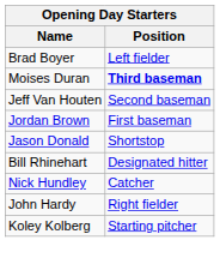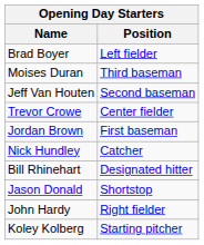 <table class="wikitable">
 <tr>
 <th colspan="2">Opening Day Starters</th>
 </tr>
 <tr>
 <th>Name</th>
 <th>Position</th>
 </tr>
 <tr>
 <td>Brad Boyer</td>
 <td><a href='#'>Left fielder</a></td>
 </tr>
 <tr>
 <td>Moises Duran</td>
-<td><strong><a href='#'>Third baseman</a></strong></td>
+<td><a href='#'>Third baseman</a></td>
 </tr>
 <tr>
 <td>Jeff Van Houten</td>
 <td><a href='#'>Second baseman</a></td>
 </tr>
 <tr>
+<td><a href='#'>Trevor Crowe</a></td>
+<td><a href='#'>Center fielder</a></td>
+</tr>
+<tr>
 <td><a href='#'>Jordan Brown</a></td>
 <td><a href='#'>First baseman</a></td>
 </tr>
 <tr>
-<td><a href='#'>Jason Donald</a></td>
-<td><a href='#'>Shortstop</a></td>
+<td><a href='#'>Nick Hundley</a></td>
+<td><a href='#'>Catcher</a></td>
 </tr>
 <tr>
 <td>Bill Rhinehart</td>
 <td><a href='#'>Designated hitter</a></td>
 </tr>
 <tr>
-<td><a href='#'>Nick Hundley</a></td>
-<td><a href='#'>Catcher</a></td>
+<td><a href='#'>Jason Donald</a></td>
+<td><a href='#'>Shortstop</a></td>
 </tr>
 <tr>
 <td>John Hardy</td>
 <td><a href='#'>Right fielder</a></td>
 </tr>
 <tr>
 <td>Koley Kolberg</td>
 <td><a href='#'>Starting pitcher</a></td>
 </tr>
 </table>
